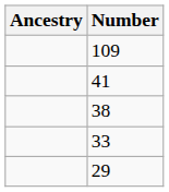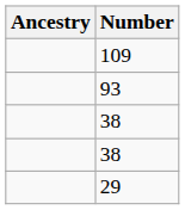 <table style="float: right;" class="wikitable sortable">
 <tr>
 <th>Ancestry</th>
 <th>Number</th>
 </tr>
 <tr>
 <td></td>
 <td>109</td>
 </tr>
 <tr>
 <td></td>
-<td>41</td>
+<td>93</td>
 </tr>
 <tr>
 <td></td>
 <td>38</td>
 </tr>
 <tr>
 <td></td>
-<td>33</td>
+<td>38</td>
 </tr>
 <tr>
 <td></td>
 <td>29</td>
 </tr>
 </table>
